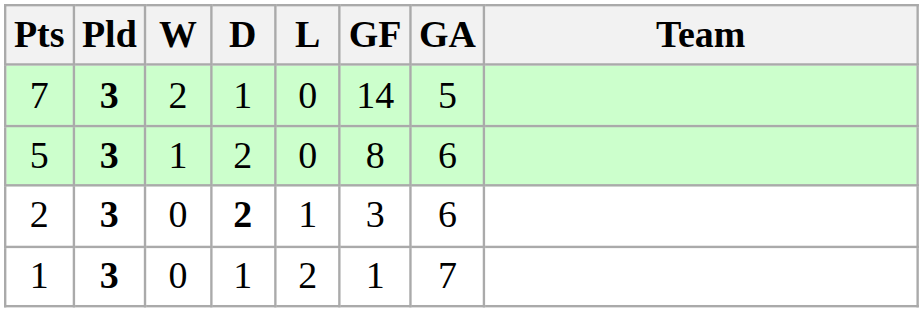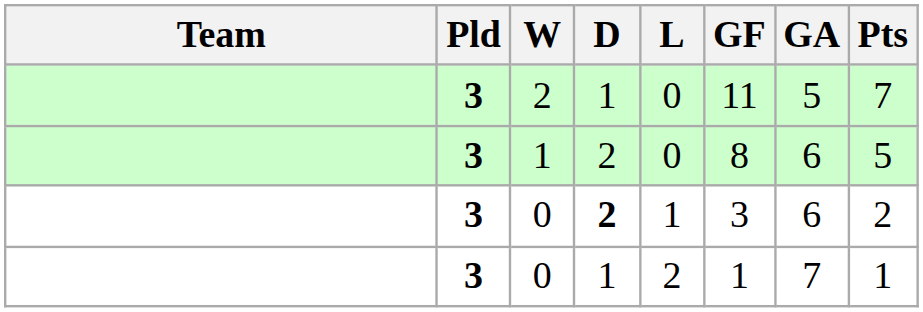 <table class="wikitable" style="text-align: center;">
 <tr>
-<th width="20">Pts</th>
+<th width="175">Team</th>
 <th width="20o">Pld</th>
 <th width="20">W</th>
 <th width="20">D</th>
 <th width="20">L</th>
 <th width="20">GF</th>
 <th width="20">GA</th>
-<th width="175">Team</th>
+<th width="20">Pts</th>
 </tr>
 <tr bgcolor="#ccffcc">
-<td>7</td>
+<td style="text-align:left;"></td>
 <td><strong>3</strong></td>
 <td>2</td>
 <td>1</td>
 <td>0</td>
-<td>14</td>
+<td>11</td>
 <td>5</td>
-<td style="text-align:left;"></td>
+<td>7</td>
 </tr>
 <tr align=center style="background:#ccffcc;">
-<td>5</td>
+<td style="text-align:left;"></td>
 <td><strong>3	</strong></td>
 <td>1</td>
 <td>2</td>
 <td>0</td>
 <td>8</td>
 <td>6</td>
-<td style="text-align:left;"></td>
+<td>5</td>
 </tr>
 <tr align=center style="background:#ffffff;">
-<td>2</td>
+<td style="text-align:left;"></td>
 <td><strong>3	</strong></td>
 <td>0</td>
 <td><strong>2</strong></td>
 <td>1</td>
 <td>3</td>
 <td>6</td>
-<td style="text-align:left;"></td>
+<td>2</td>
 </tr>
 <tr align=center style="background:#ffffff;">
-<td>1</td>
+<td style="text-align:left;"></td>
 <td><strong>3	</strong></td>
 <td>0</td>
 <td>1</td>
 <td>2</td>
 <td>1</td>
 <td>7</td>
-<td style="text-align:left;"></td>
+<td>1</td>
 </tr>
 </table>
